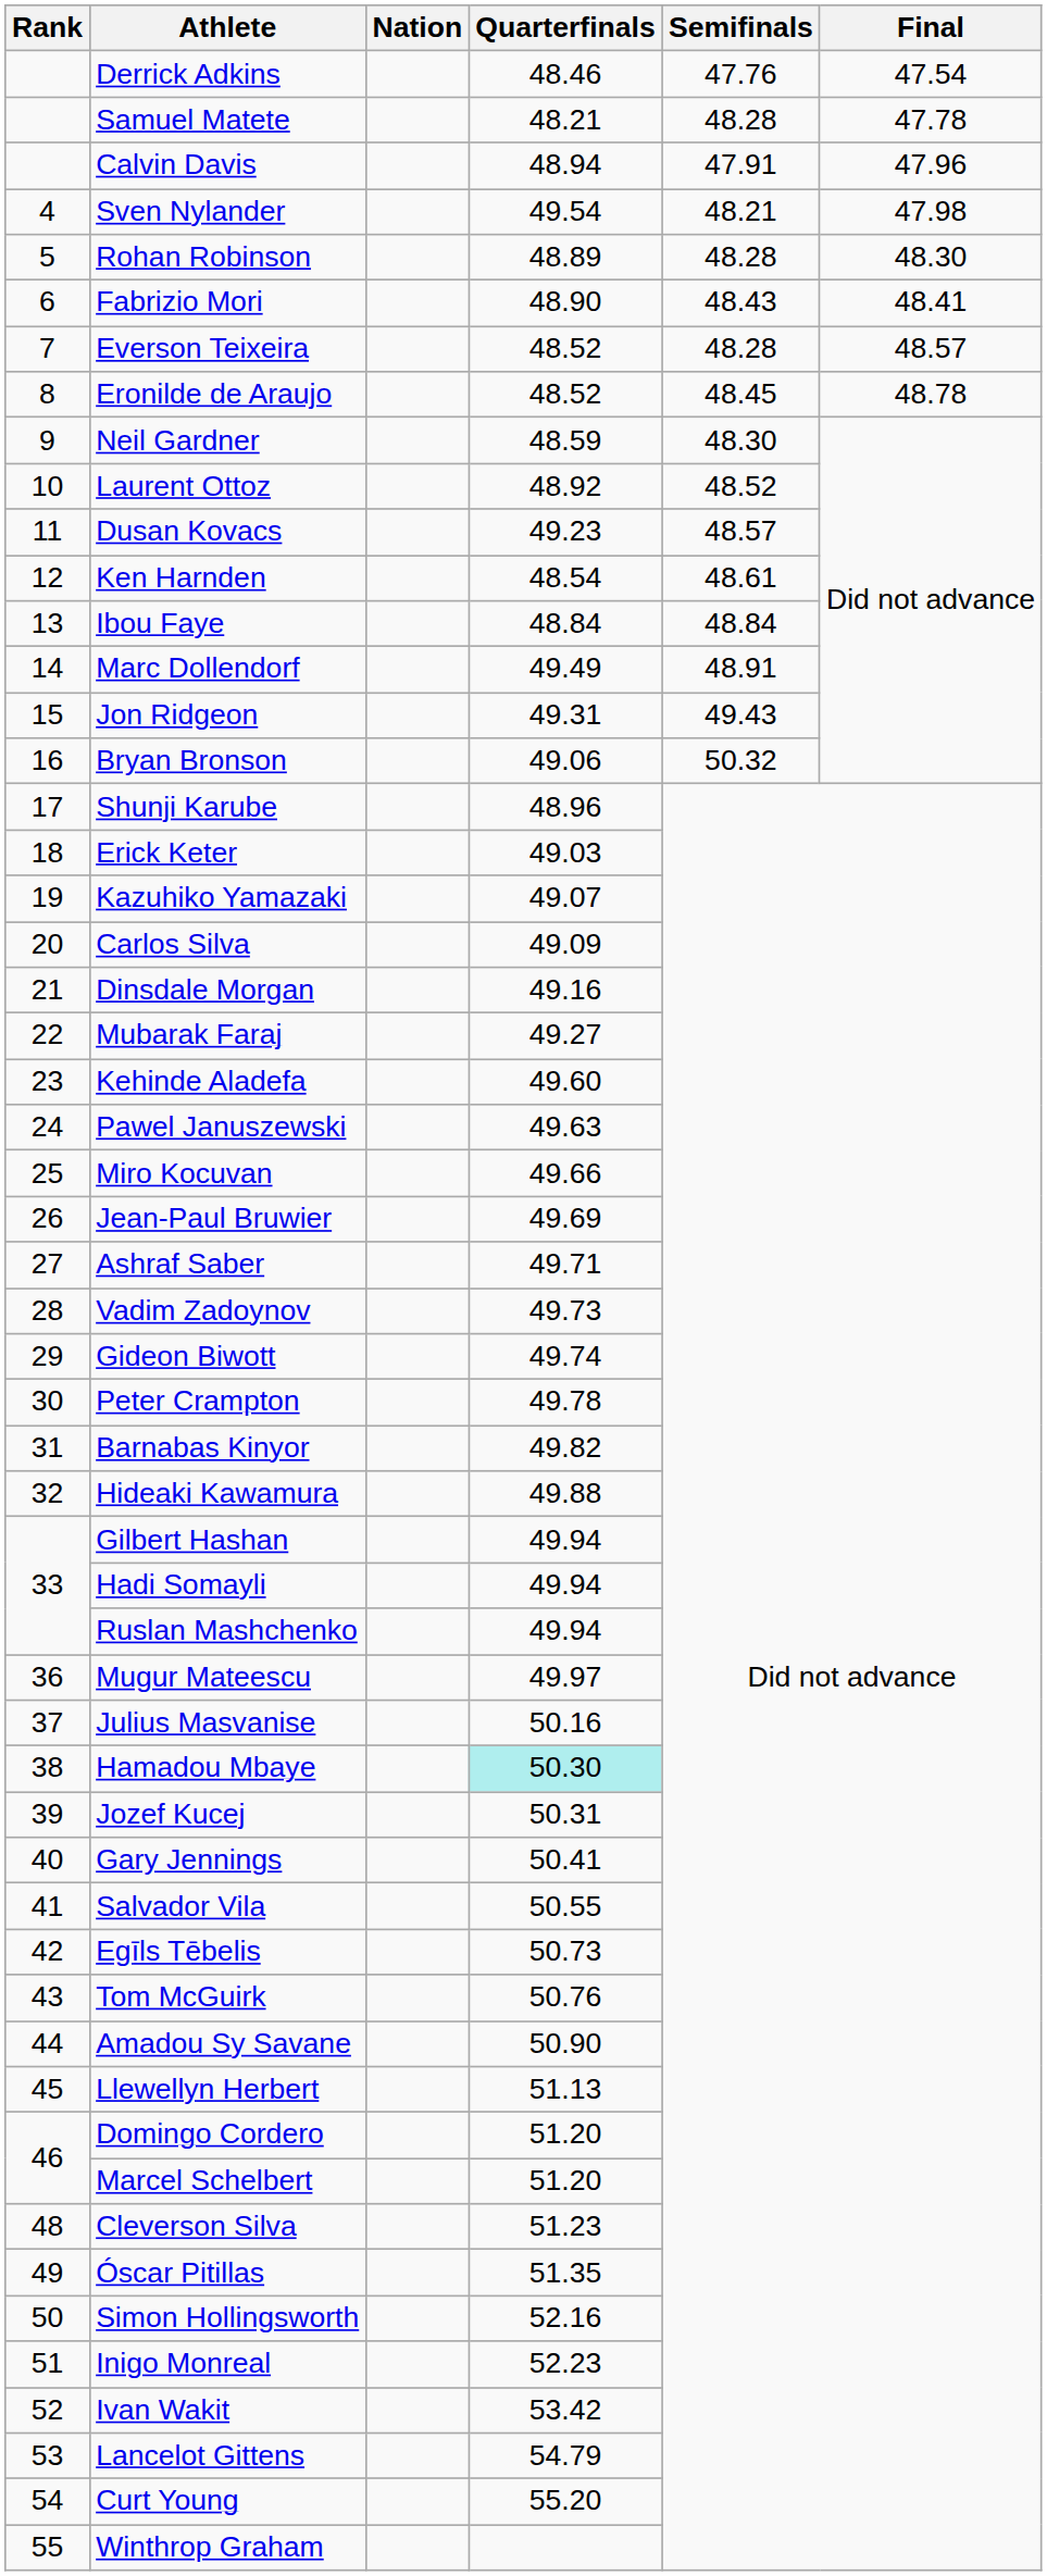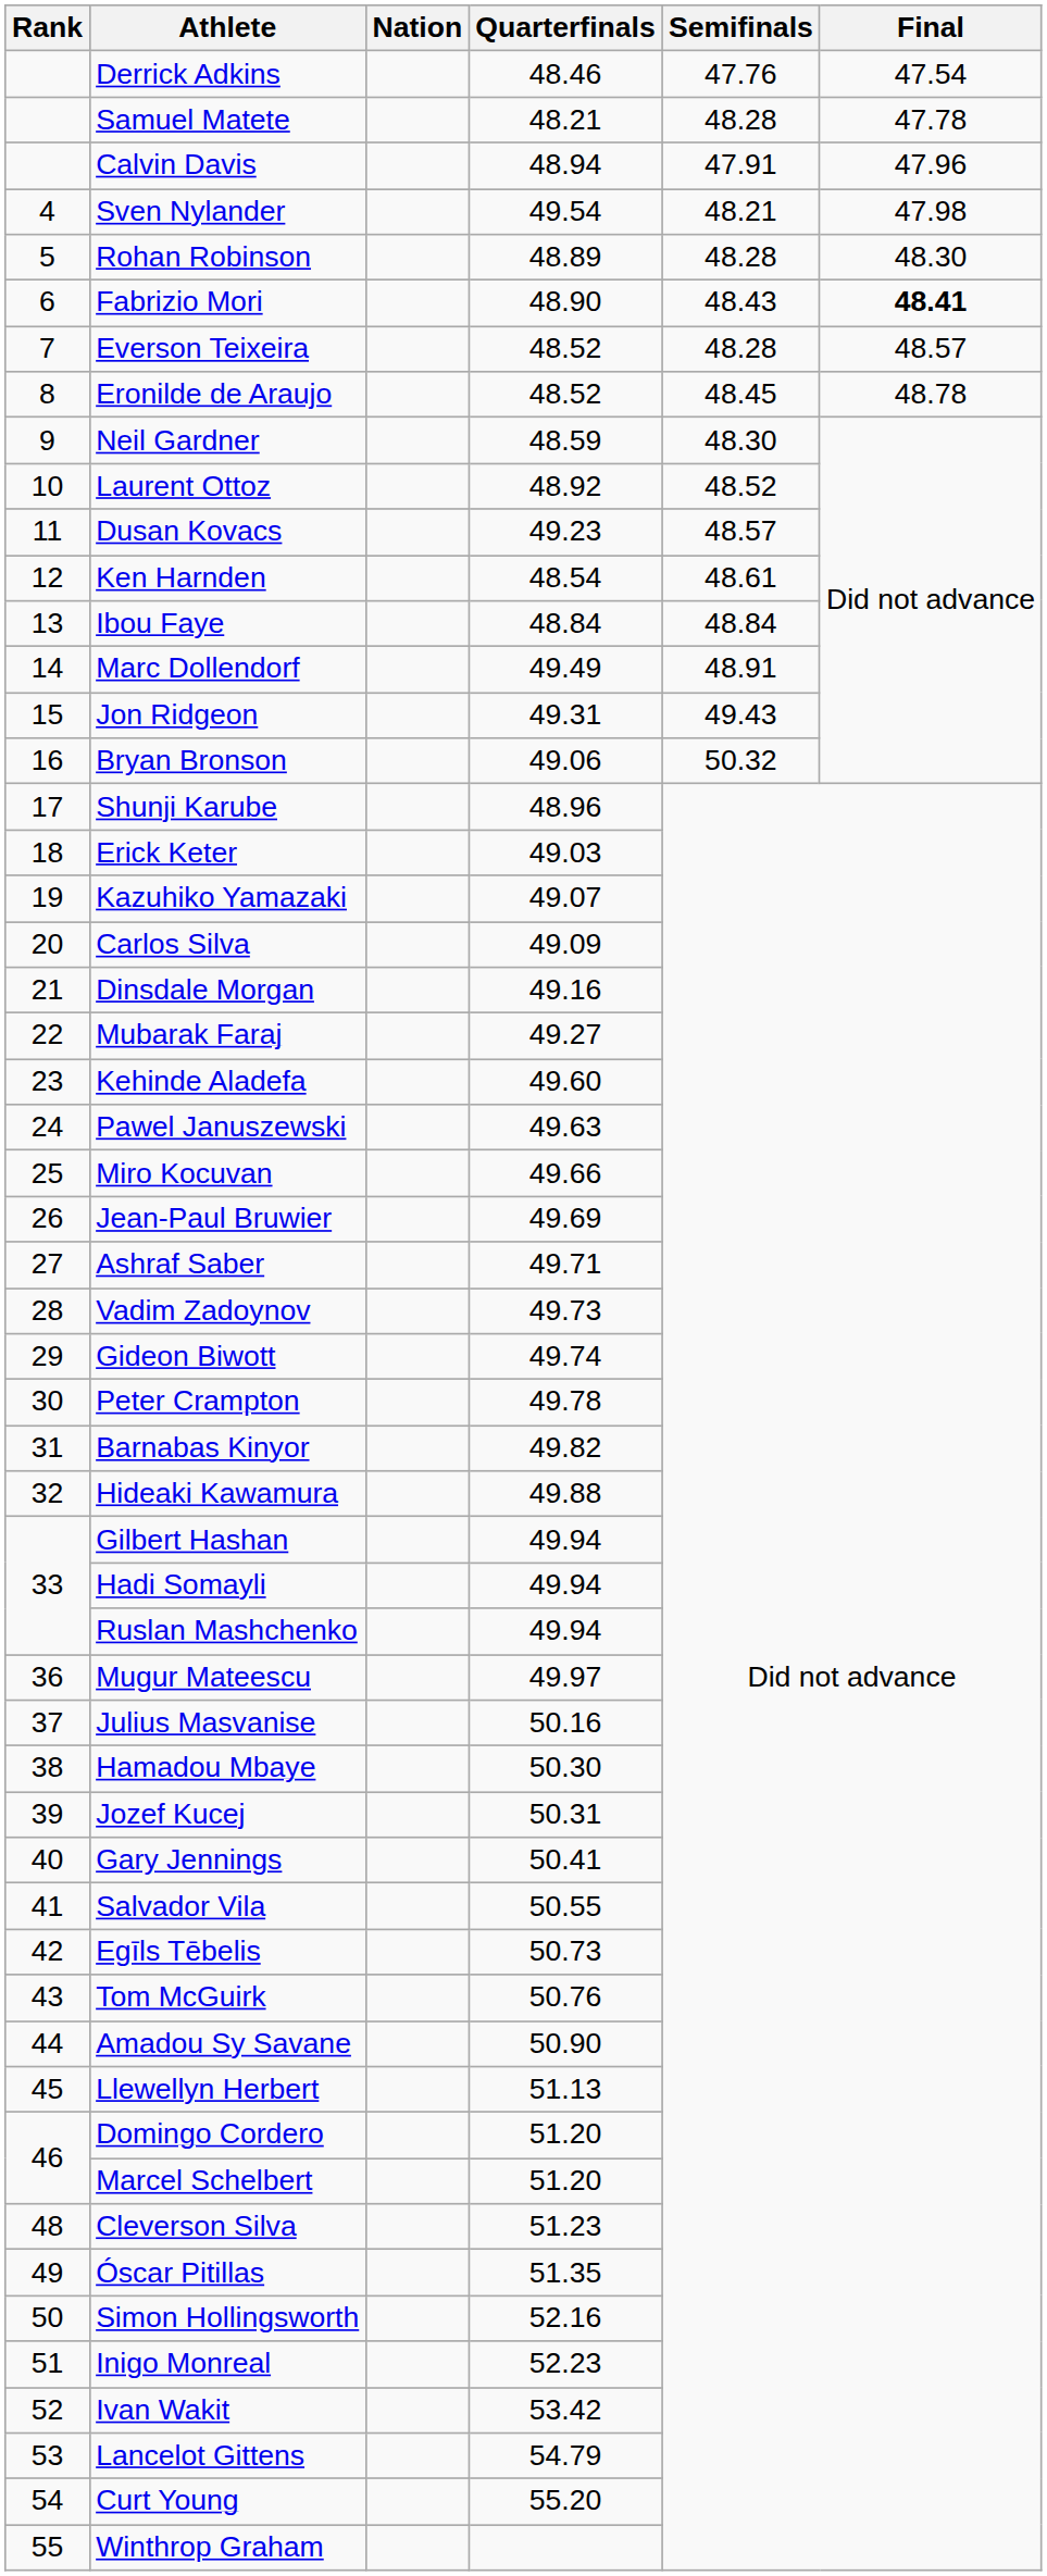 <table class="wikitable sortable" style="text-align:center">
 <tr>
 <th>Rank</th>
 <th>Athlete</th>
 <th>Nation</th>
 <th>Quarterfinals</th>
 <th>Semifinals</th>
 <th>Final</th>
 </tr>
 <tr>
 <td></td>
 <td align=left><a href='#'>Derrick Adkins</a></td>
 <td align=left></td>
 <td>48.46</td>
 <td>47.76</td>
 <td>47.54</td>
 </tr>
 <tr>
 <td></td>
 <td align=left><a href='#'>Samuel Matete</a></td>
 <td align=left></td>
 <td>48.21</td>
 <td>48.28</td>
 <td>47.78</td>
 </tr>
 <tr>
 <td></td>
 <td align=left><a href='#'>Calvin Davis</a></td>
 <td align=left></td>
 <td>48.94</td>
 <td>47.91</td>
 <td>47.96</td>
 </tr>
 <tr>
 <td>4</td>
 <td align=left><a href='#'>Sven Nylander</a></td>
 <td align=left></td>
 <td>49.54</td>
 <td>48.21</td>
 <td>47.98</td>
 </tr>
 <tr>
 <td>5</td>
 <td align=left><a href='#'>Rohan Robinson</a></td>
 <td align=left></td>
 <td>48.89</td>
 <td>48.28</td>
 <td>48.30</td>
 </tr>
 <tr>
 <td>6</td>
 <td align=left><a href='#'>Fabrizio Mori</a></td>
 <td align=left></td>
 <td>48.90</td>
 <td>48.43</td>
-<td>48.41</td>
+<td><strong>48.41</strong></td>
 </tr>
 <tr>
 <td>7</td>
 <td align=left><a href='#'>Everson Teixeira</a></td>
 <td align=left></td>
 <td>48.52</td>
 <td>48.28</td>
 <td>48.57</td>
 </tr>
 <tr>
 <td>8</td>
 <td align=left><a href='#'>Eronilde de Araujo</a></td>
 <td align=left></td>
 <td>48.52</td>
 <td>48.45</td>
 <td>48.78</td>
 </tr>
 <tr>
 <td>9</td>
 <td align=left><a href='#'>Neil Gardner</a></td>
 <td align=left></td>
 <td>48.59</td>
 <td>48.30</td>
 <td rowspan=8 data-sort-value=99.99>Did not advance</td>
 </tr>
 <tr>
 <td>10</td>
 <td align=left><a href='#'>Laurent Ottoz</a></td>
 <td align=left></td>
 <td>48.92</td>
 <td>48.52</td>
 </tr>
 <tr>
 <td>11</td>
 <td align=left><a href='#'>Dusan Kovacs</a></td>
 <td align=left></td>
 <td>49.23</td>
 <td>48.57</td>
 </tr>
 <tr>
 <td>12</td>
 <td align=left><a href='#'>Ken Harnden</a></td>
 <td align=left></td>
 <td>48.54</td>
 <td>48.61</td>
 </tr>
 <tr>
 <td>13</td>
 <td align=left><a href='#'>Ibou Faye</a></td>
 <td align=left></td>
 <td>48.84</td>
 <td>48.84</td>
 </tr>
 <tr>
 <td>14</td>
 <td align=left><a href='#'>Marc Dollendorf</a></td>
 <td align=left></td>
 <td>49.49</td>
 <td>48.91</td>
 </tr>
 <tr>
 <td>15</td>
 <td align=left><a href='#'>Jon Ridgeon</a></td>
 <td align=left></td>
 <td>49.31</td>
 <td>49.43</td>
 </tr>
 <tr>
 <td>16</td>
 <td align=left><a href='#'>Bryan Bronson</a></td>
 <td align=left></td>
 <td>49.06</td>
 <td>50.32</td>
 </tr>
 <tr>
 <td>17</td>
 <td align=left><a href='#'>Shunji Karube</a></td>
 <td align=left></td>
 <td>48.96</td>
 <td rowspan=39 colspan=2 data-sort-value=99.99>Did not advance</td>
 </tr>
 <tr>
 <td>18</td>
 <td align=left><a href='#'>Erick Keter</a></td>
 <td align=left></td>
 <td>49.03</td>
 </tr>
 <tr>
 <td>19</td>
 <td align=left><a href='#'>Kazuhiko Yamazaki</a></td>
 <td align=left></td>
 <td>49.07</td>
 </tr>
 <tr>
 <td>20</td>
 <td align=left><a href='#'>Carlos Silva</a></td>
 <td align=left></td>
 <td>49.09</td>
 </tr>
 <tr>
 <td>21</td>
 <td align=left><a href='#'>Dinsdale Morgan</a></td>
 <td align=left></td>
 <td>49.16</td>
 </tr>
 <tr>
 <td>22</td>
 <td align=left><a href='#'>Mubarak Faraj</a></td>
 <td align=left></td>
 <td>49.27</td>
 </tr>
 <tr>
 <td>23</td>
 <td align=left><a href='#'>Kehinde Aladefa</a></td>
 <td align=left></td>
 <td>49.60</td>
 </tr>
 <tr>
 <td>24</td>
 <td align=left><a href='#'>Pawel Januszewski</a></td>
 <td align=left></td>
 <td>49.63</td>
 </tr>
 <tr>
 <td>25</td>
 <td align=left><a href='#'>Miro Kocuvan</a></td>
 <td align=left></td>
 <td>49.66</td>
 </tr>
 <tr>
 <td>26</td>
 <td align=left><a href='#'>Jean-Paul Bruwier</a></td>
 <td align=left></td>
 <td>49.69</td>
 </tr>
 <tr>
 <td>27</td>
 <td align=left><a href='#'>Ashraf Saber</a></td>
 <td align=left></td>
 <td>49.71</td>
 </tr>
 <tr>
 <td>28</td>
 <td align=left><a href='#'>Vadim Zadoynov</a></td>
 <td align=left></td>
 <td>49.73</td>
 </tr>
 <tr>
 <td>29</td>
 <td align=left><a href='#'>Gideon Biwott</a></td>
 <td align=left></td>
 <td>49.74</td>
 </tr>
 <tr>
 <td>30</td>
 <td align=left><a href='#'>Peter Crampton</a></td>
 <td align=left></td>
 <td>49.78</td>
 </tr>
 <tr>
 <td>31</td>
 <td align=left><a href='#'>Barnabas Kinyor</a></td>
 <td align=left></td>
 <td>49.82</td>
 </tr>
 <tr>
 <td>32</td>
 <td align=left><a href='#'>Hideaki Kawamura</a></td>
 <td align=left></td>
 <td>49.88</td>
 </tr>
 <tr>
 <td rowspan=3>33</td>
 <td align=left><a href='#'>Gilbert Hashan</a></td>
 <td align=left></td>
 <td>49.94</td>
 </tr>
 <tr>
 <td align=left><a href='#'>Hadi Somayli</a></td>
 <td align=left></td>
 <td>49.94</td>
 </tr>
 <tr>
 <td align=left><a href='#'>Ruslan Mashchenko</a></td>
 <td align=left></td>
 <td>49.94</td>
 </tr>
 <tr>
 <td>36</td>
 <td align=left><a href='#'>Mugur Mateescu</a></td>
 <td align=left></td>
 <td>49.97</td>
 </tr>
 <tr>
 <td>37</td>
 <td align=left><a href='#'>Julius Masvanise</a></td>
 <td align=left></td>
 <td>50.16</td>
 </tr>
 <tr>
 <td>38</td>
 <td align=left><a href='#'>Hamadou Mbaye</a></td>
 <td align=left></td>
-<td style="background: paleturquoise;">50.30</td>
+<td>50.30</td>
 </tr>
 <tr>
 <td>39</td>
 <td align=left><a href='#'>Jozef Kucej</a></td>
 <td align=left></td>
 <td>50.31</td>
 </tr>
 <tr>
 <td>40</td>
 <td align=left><a href='#'>Gary Jennings</a></td>
 <td align=left></td>
 <td>50.41</td>
 </tr>
 <tr>
 <td>41</td>
 <td align=left><a href='#'>Salvador Vila</a></td>
 <td align=left></td>
 <td>50.55</td>
 </tr>
 <tr>
 <td>42</td>
 <td align=left><a href='#'>Egīls Tēbelis</a></td>
 <td align=left></td>
 <td>50.73</td>
 </tr>
 <tr>
 <td>43</td>
 <td align=left><a href='#'>Tom McGuirk</a></td>
 <td align=left></td>
 <td>50.76</td>
 </tr>
 <tr>
 <td>44</td>
 <td align=left><a href='#'>Amadou Sy Savane</a></td>
 <td align=left></td>
 <td>50.90</td>
 </tr>
 <tr>
 <td>45</td>
 <td align=left><a href='#'>Llewellyn Herbert</a></td>
 <td align=left></td>
 <td>51.13</td>
 </tr>
 <tr>
 <td rowspan=2>46</td>
 <td align=left><a href='#'>Domingo Cordero</a></td>
 <td align=left></td>
 <td>51.20</td>
 </tr>
 <tr>
 <td align=left><a href='#'>Marcel Schelbert</a></td>
 <td align=left></td>
 <td>51.20</td>
 </tr>
 <tr>
 <td>48</td>
 <td align=left><a href='#'>Cleverson Silva</a></td>
 <td align=left></td>
 <td>51.23</td>
 </tr>
 <tr>
 <td>49</td>
 <td align=left><a href='#'>Óscar Pitillas</a></td>
 <td align=left></td>
 <td>51.35</td>
 </tr>
 <tr>
 <td>50</td>
 <td align=left><a href='#'>Simon Hollingsworth</a></td>
 <td align=left></td>
 <td>52.16</td>
 </tr>
 <tr>
 <td>51</td>
 <td align=left><a href='#'>Inigo Monreal</a></td>
 <td align=left></td>
 <td>52.23</td>
 </tr>
 <tr>
 <td>52</td>
 <td align=left><a href='#'>Ivan Wakit</a></td>
 <td align=left></td>
 <td>53.42</td>
 </tr>
 <tr>
 <td>53</td>
 <td align=left><a href='#'>Lancelot Gittens</a></td>
 <td align=left></td>
 <td>54.79</td>
 </tr>
 <tr>
 <td>54</td>
 <td align=left><a href='#'>Curt Young</a></td>
 <td align=left></td>
 <td>55.20</td>
 </tr>
 <tr>
 <td>55</td>
 <td align=left><a href='#'>Winthrop Graham</a></td>
 <td align=left></td>
 <td data-sort-value=70.00></td>
 </tr>
 </table>
